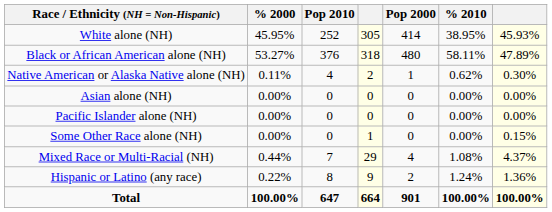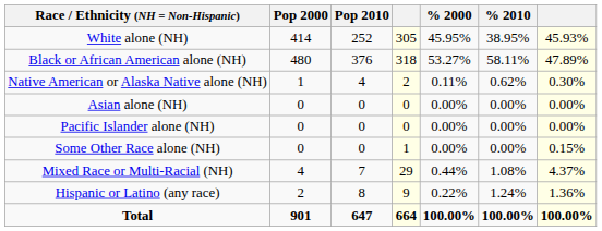 <table class="wikitable" style="text-align:center;">
 <tr>
 <th>Race / Ethnicity <small>(<em>NH = Non-Hispanic</em>)</small></th>
-<th>% 2000</th>
+<th>Pop 2000</th>
 <th>Pop 2010</th>
 <th></th>
-<th>Pop 2000</th>
+<th>% 2000</th>
 <th>% 2010</th>
 <th></th>
 </tr>
 <tr>
 <td><a href='#'>White</a> alone (NH)</td>
-<td>45.95%</td>
+<td>414</td>
 <td>252</td>
 <td style='background: #ffffe6;'>305</td>
-<td>414</td>
+<td>45.95%</td>
 <td>38.95%</td>
 <td style='background: #ffffe6;'>45.93%</td>
 </tr>
 <tr>
 <td><a href='#'>Black or African American</a> alone (NH)</td>
-<td>53.27%</td>
+<td>480</td>
 <td>376</td>
 <td style='background: #ffffe6;'>318</td>
-<td>480</td>
+<td>53.27%</td>
 <td>58.11%</td>
 <td style='background: #ffffe6;'>47.89%</td>
 </tr>
 <tr>
 <td><a href='#'>Native American</a> or <a href='#'>Alaska Native</a> alone (NH)</td>
-<td>0.11%</td>
+<td>1</td>
 <td>4</td>
 <td style='background: #ffffe6;'>2</td>
-<td>1</td>
+<td>0.11%</td>
 <td>0.62%</td>
 <td style='background: #ffffe6;'>0.30%</td>
 </tr>
 <tr>
 <td><a href='#'>Asian</a> alone (NH)</td>
-<td>0.00%</td>
+<td>0</td>
 <td>0</td>
 <td style='background: #ffffe6;'>0</td>
-<td>0</td>
+<td>0.00%</td>
 <td>0.00%</td>
 <td style='background: #ffffe6;'>0.00%</td>
 </tr>
 <tr>
 <td><a href='#'>Pacific Islander</a> alone (NH)</td>
-<td>0.00%</td>
+<td>0</td>
 <td>0</td>
 <td style='background: #ffffe6;'>0</td>
-<td>0</td>
+<td>0.00%</td>
 <td>0.00%</td>
 <td style='background: #ffffe6;'>0.00%</td>
 </tr>
 <tr>
 <td><a href='#'>Some Other Race</a> alone (NH)</td>
-<td>0.00%</td>
+<td>0</td>
 <td>0</td>
 <td style='background: #ffffe6;'>1</td>
-<td>0</td>
+<td>0.00%</td>
 <td>0.00%</td>
 <td style='background: #ffffe6;'>0.15%</td>
 </tr>
 <tr>
 <td><a href='#'>Mixed Race or Multi-Racial</a> (NH)</td>
-<td>0.44%</td>
+<td>4</td>
 <td>7</td>
 <td style='background: #ffffe6;'>29</td>
-<td>4</td>
+<td>0.44%</td>
 <td>1.08%</td>
 <td style='background: #ffffe6;'>4.37%</td>
 </tr>
 <tr>
 <td><a href='#'>Hispanic or Latino</a> (any race)</td>
-<td>0.22%</td>
+<td>2</td>
 <td>8</td>
 <td style='background: #ffffe6;'>9</td>
-<td>2</td>
+<td>0.22%</td>
 <td>1.24%</td>
 <td style='background: #ffffe6;'>1.36%</td>
 </tr>
 <tr>
 <td><strong>Total</strong></td>
-<td><strong>100.00%</strong></td>
+<td><strong>901</strong></td>
 <td><strong>647</strong></td>
 <td style='background: #ffffe6;'><strong>664</strong></td>
-<td><strong>901</strong></td>
+<td><strong>100.00%</strong></td>
 <td><strong>100.00%</strong></td>
 <td style='background: #ffffe6;'><strong>100.00%</strong></td>
 </tr>
 </table>
